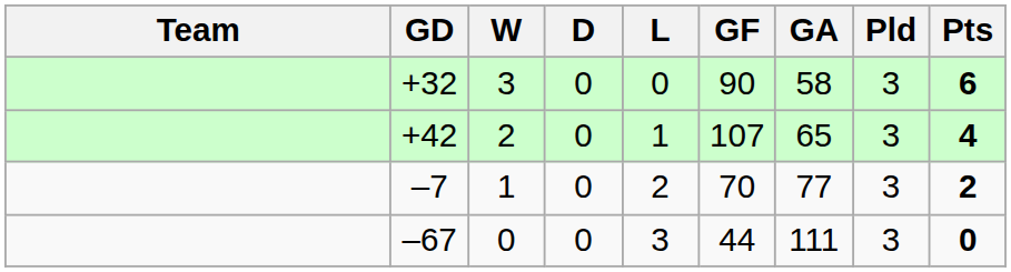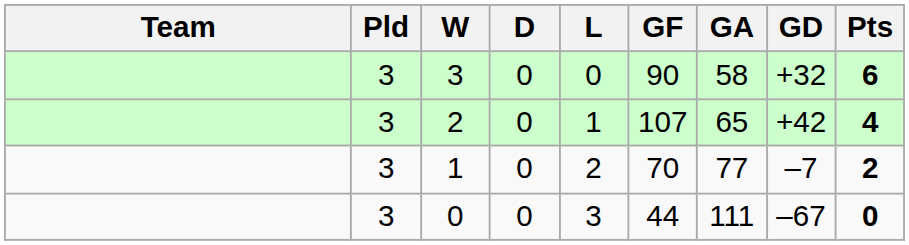 <table class="wikitable" style="text-align: center;">
 <tr>
 <th width="180">Team</th>
-<th width="30">GD</th>
+<th width="30">Pld</th>
 <th width="30">W</th>
 <th width="30">D</th>
 <th width="30">L</th>
 <th width="30">GF</th>
 <th width="30">GA</th>
-<th width="30">Pld</th>
+<th width="30">GD</th>
 <th width="30">Pts</th>
 </tr>
 <tr bgcolor=#ccffcc>
 <td align="left"></td>
-<td>+32</td>
+<td>3</td>
 <td>3</td>
 <td>0</td>
 <td>0</td>
 <td>90</td>
 <td>58</td>
-<td>3</td>
+<td>+32</td>
 <td><strong>6</strong></td>
 </tr>
 <tr bgcolor=#ccffcc>
 <td align="left"></td>
-<td>+42</td>
+<td>3</td>
 <td>2</td>
 <td>0</td>
 <td>1</td>
 <td>107</td>
 <td>65</td>
-<td>3</td>
+<td>+42</td>
 <td><strong>4</strong></td>
 </tr>
 <tr>
 <td align="left"></td>
-<td>–7</td>
+<td>3</td>
 <td>1</td>
 <td>0</td>
 <td>2</td>
 <td>70</td>
 <td>77</td>
-<td>3</td>
+<td>–7</td>
 <td><strong>2</strong></td>
 </tr>
 <tr>
 <td align="left"></td>
-<td>–67</td>
+<td>3</td>
 <td>0</td>
 <td>0</td>
 <td>3</td>
 <td>44</td>
 <td>111</td>
-<td>3</td>
+<td>–67</td>
 <td><strong>0</strong></td>
 </tr>
 </table>
